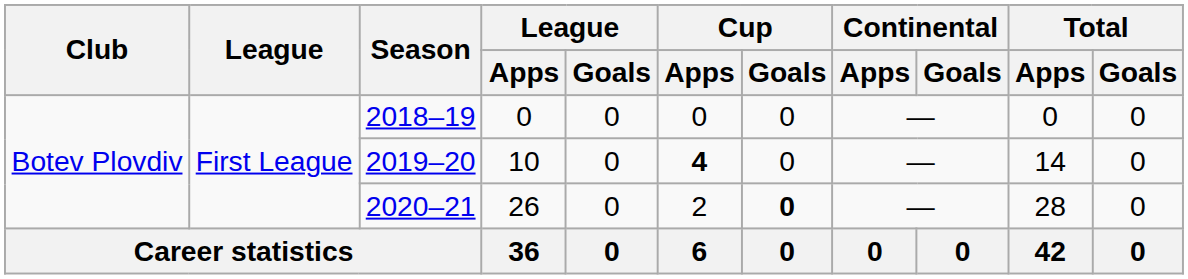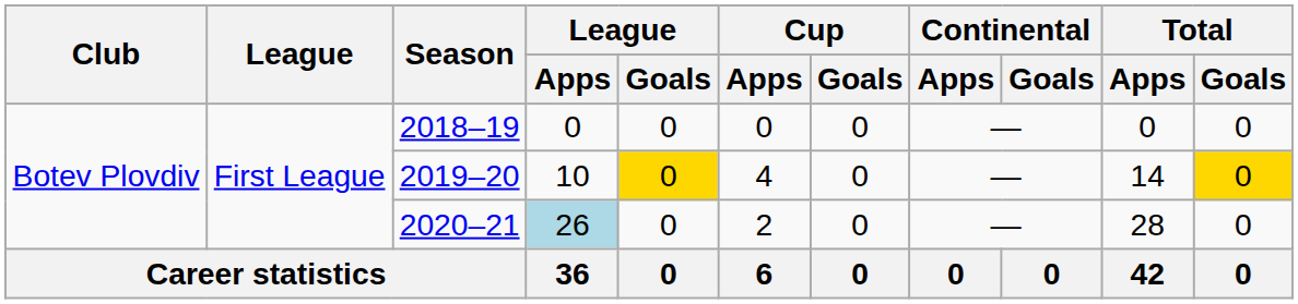 <table class="wikitable" style="font-size:90%; text-align: center">
 <tr>
 <th rowspan=2>Club</th>
 <th rowspan=2>League</th>
 <th rowspan=2>Season</th>
 <th colspan=2>League</th>
 <th colspan=2>Cup</th>
 <th colspan=2>Continental</th>
 <th colspan=2>Total</th>
 </tr>
 <tr>
 <th>Apps</th>
 <th>Goals</th>
 <th>Apps</th>
 <th>Goals</th>
 <th>Apps</th>
 <th>Goals</th>
 <th>Apps</th>
 <th>Goals</th>
 </tr>
 <tr>
 <td rowspan=3 valign="center"><a href='#'>Botev Plovdiv</a></td>
 <td rowspan="3"><a href='#'>First League</a></td>
 <td><a href='#'>2018–19</a></td>
 <td>0</td>
 <td>0</td>
 <td>0</td>
 <td>0</td>
 <td colspan="2">—</td>
 <td>0</td>
 <td>0</td>
 </tr>
 <tr>
 <td><a href='#'>2019–20</a></td>
 <td>10</td>
-<td>0</td>
-<td><strong>4</strong></td>
+<td style="background: gold;">0</td>
+<td>4</td>
 <td>0</td>
 <td colspan="2">—</td>
 <td>14</td>
-<td>0</td>
+<td style="background: gold;">0</td>
 </tr>
 <tr>
 <td><a href='#'>2020–21</a></td>
-<td>26</td>
+<td style="background: lightblue;">26</td>
 <td>0</td>
 <td>2</td>
-<td><strong>0</strong></td>
+<td>0</td>
 <td colspan="2">—</td>
 <td>28</td>
 <td>0</td>
 </tr>
 <tr>
 <th colspan=3>Career statistics</th>
 <th>36</th>
 <th>0</th>
 <th>6</th>
 <th>0</th>
 <th>0</th>
 <th>0</th>
 <th>42</th>
 <th>0</th>
 </tr>
 </table>
